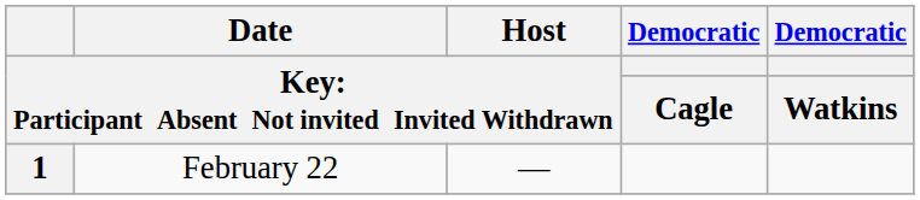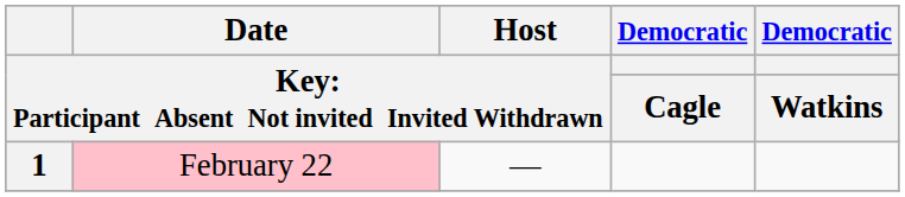 <table class="wikitable" style="text-align:center;">
 <tr>
 <th scope="col"></th>
 <th scope="col">Date</th>
 <th scope="col">Host</th>
 <th scope="col"><small><a href='#'>Democratic</a></small></th>
 <th scope="col"><small><a href='#'>Democratic</a></small></th>
 </tr>
 <tr>
 <th colspan="3" rowspan="2">Key:<br> <small>Participant </small>  <small>Absent </small>  <small>Not invited </small>  <small>Invited  Withdrawn</small></th>
 <th scope="col" style="background:"></th>
 <th scope="col" style="background:"></th>
 </tr>
 <tr>
 <th scope="col">Cagle</th>
 <th scope="col">Watkins</th>
 </tr>
 <tr>
 <th>1</th>
-<td>February 22</td>
+<td style="background: pink;">February 22</td>
 <td>—</td>
 <td></td>
 <td></td>
 </tr>
 </table>
